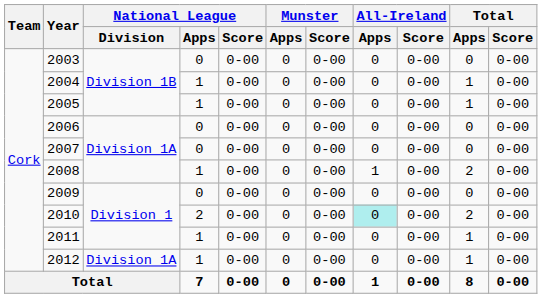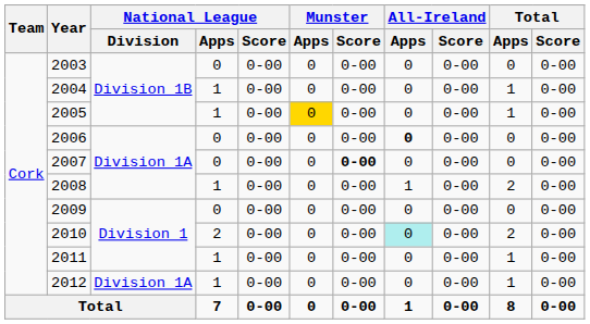 <table class="wikitable" style="text-align:center">
 <tr>
 <th rowspan="2">Team</th>
 <th rowspan="2">Year</th>
 <th colspan="3"><a href='#'>National League</a></th>
 <th colspan="2"><a href='#'>Munster</a></th>
 <th colspan="2"><a href='#'>All-Ireland</a></th>
 <th colspan="2">Total</th>
 </tr>
 <tr>
 <th>Division</th>
 <th>Apps</th>
 <th>Score</th>
 <th>Apps</th>
 <th>Score</th>
 <th>Apps</th>
 <th>Score</th>
 <th>Apps</th>
 <th>Score</th>
 </tr>
 <tr>
 <td rowspan="10"><a href='#'>Cork</a></td>
 <td>2003</td>
 <td rowspan="3"><a href='#'>Division 1B</a></td>
 <td>0</td>
 <td>0-00</td>
 <td>0</td>
 <td>0-00</td>
 <td>0</td>
 <td>0-00</td>
 <td>0</td>
 <td>0-00</td>
 </tr>
 <tr>
 <td>2004</td>
 <td>1</td>
 <td>0-00</td>
 <td>0</td>
 <td>0-00</td>
 <td>0</td>
 <td>0-00</td>
 <td>1</td>
 <td>0-00</td>
 </tr>
 <tr>
 <td>2005</td>
 <td>1</td>
 <td>0-00</td>
-<td>0</td>
+<td style="background: gold;">0</td>
 <td>0-00</td>
 <td>0</td>
 <td>0-00</td>
 <td>1</td>
 <td>0-00</td>
 </tr>
 <tr>
 <td>2006</td>
 <td rowspan="3"><a href='#'>Division 1A</a></td>
 <td>0</td>
 <td>0-00</td>
 <td>0</td>
 <td>0-00</td>
-<td>0</td>
+<td><strong>0</strong></td>
 <td>0-00</td>
 <td>0</td>
 <td>0-00</td>
 </tr>
 <tr>
 <td>2007</td>
 <td>0</td>
 <td>0-00</td>
 <td>0</td>
-<td>0-00</td>
+<td><strong>0-00</strong></td>
 <td>0</td>
 <td>0-00</td>
 <td>0</td>
 <td>0-00</td>
 </tr>
 <tr>
 <td>2008</td>
 <td>1</td>
 <td>0-00</td>
 <td>0</td>
 <td>0-00</td>
 <td>1</td>
 <td>0-00</td>
 <td>2</td>
 <td>0-00</td>
 </tr>
 <tr>
 <td>2009</td>
 <td rowspan="3"><a href='#'>Division 1</a></td>
 <td>0</td>
 <td>0-00</td>
 <td>0</td>
 <td>0-00</td>
 <td>0</td>
 <td>0-00</td>
 <td>0</td>
 <td>0-00</td>
 </tr>
 <tr>
 <td>2010</td>
 <td>2</td>
 <td>0-00</td>
 <td>0</td>
 <td>0-00</td>
 <td style="background: paleturquoise;">0</td>
 <td>0-00</td>
 <td>2</td>
 <td>0-00</td>
 </tr>
 <tr>
 <td>2011</td>
 <td>1</td>
 <td>0-00</td>
 <td>0</td>
 <td>0-00</td>
 <td>0</td>
 <td>0-00</td>
 <td>1</td>
 <td>0-00</td>
 </tr>
 <tr>
 <td>2012</td>
 <td rowspan="1"><a href='#'>Division 1A</a></td>
 <td>1</td>
 <td>0-00</td>
 <td>0</td>
 <td>0-00</td>
 <td>0</td>
 <td>0-00</td>
 <td>1</td>
 <td>0-00</td>
 </tr>
 <tr>
 <th colspan="3">Total</th>
 <td><strong>7</strong></td>
 <td><strong>0-00</strong></td>
 <td><strong>0</strong></td>
 <td><strong>0-00</strong></td>
 <td><strong>1</strong></td>
 <td><strong>0-00</strong></td>
 <td><strong>8</strong></td>
 <td><strong>0-00</strong></td>
 </tr>
 </table>
